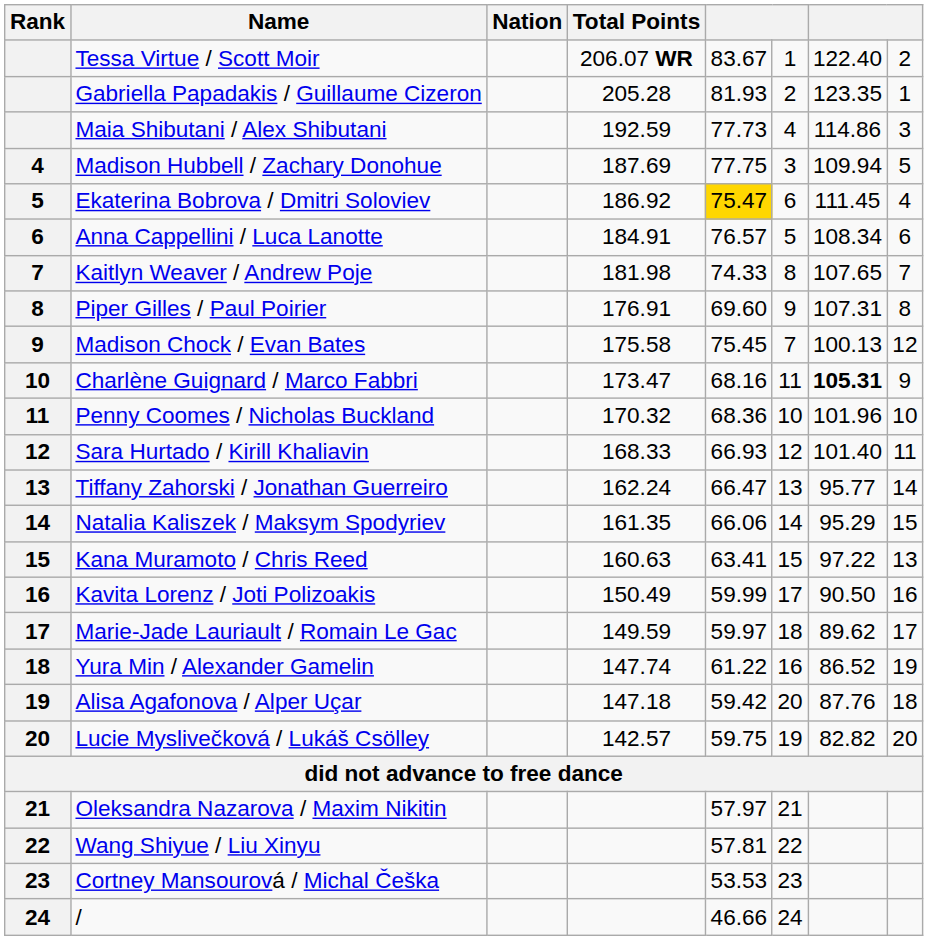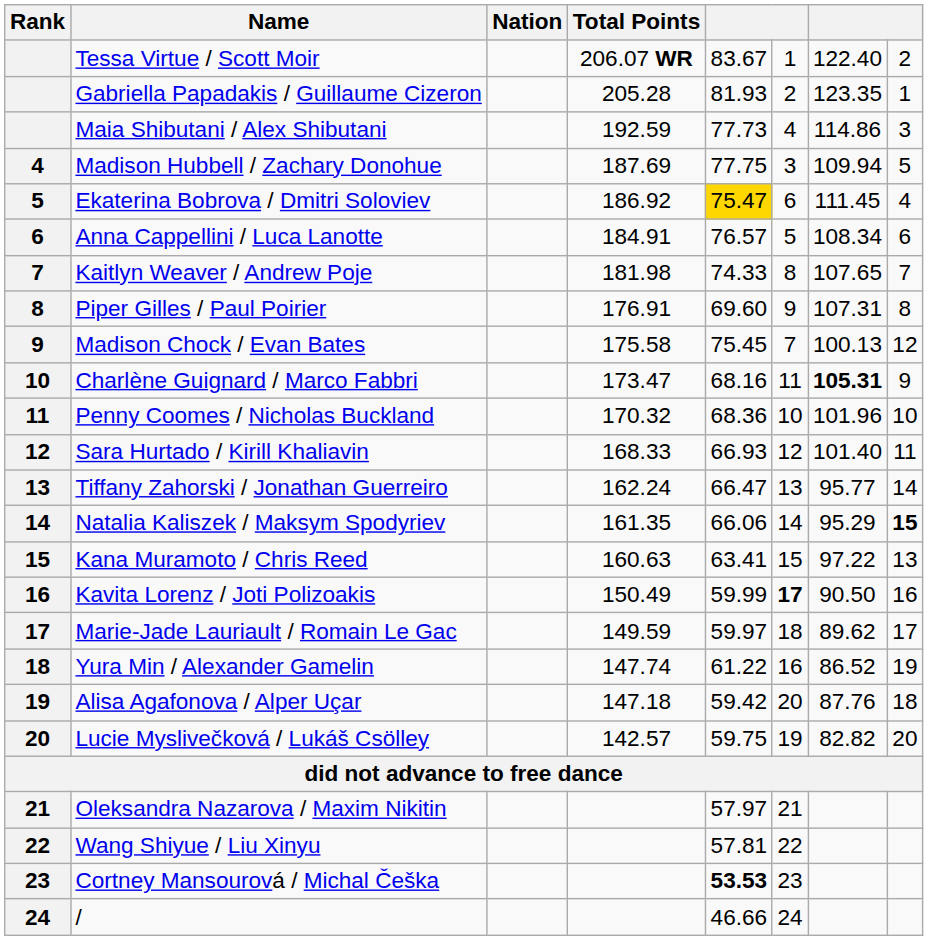 <table class="wikitable sortable" style="text-align:center">
 <tr>
 <th>Rank</th>
 <th>Name</th>
 <th>Nation</th>
 <th>Total Points</th>
 <th colspan=2></th>
 <th colspan=2></th>
 </tr>
 <tr>
 <th></th>
 <td align="left"><a href='#'>Tessa Virtue</a> / <a href='#'>Scott Moir</a></td>
 <td align="left"></td>
 <td>206.07 <strong>WR</strong></td>
 <td>83.67</td>
 <td>1</td>
 <td>122.40</td>
 <td>2</td>
 </tr>
 <tr>
 <th></th>
 <td align="left"><a href='#'>Gabriella Papadakis</a> / <a href='#'>Guillaume Cizeron</a></td>
 <td align="left"></td>
 <td>205.28</td>
 <td>81.93</td>
 <td>2</td>
 <td>123.35</td>
 <td>1</td>
 </tr>
 <tr>
 <th></th>
 <td align="left"><a href='#'>Maia Shibutani</a> / <a href='#'>Alex Shibutani</a></td>
 <td align="left"></td>
 <td>192.59</td>
 <td>77.73</td>
 <td>4</td>
 <td>114.86</td>
 <td>3</td>
 </tr>
 <tr>
 <th>4</th>
 <td align="left"><a href='#'>Madison Hubbell</a> / <a href='#'>Zachary Donohue</a></td>
 <td align="left"></td>
 <td>187.69</td>
 <td>77.75</td>
 <td>3</td>
 <td>109.94</td>
 <td>5</td>
 </tr>
 <tr>
 <th>5</th>
 <td align="left"><a href='#'>Ekaterina Bobrova</a> / <a href='#'>Dmitri Soloviev</a></td>
 <td align="left"></td>
 <td>186.92</td>
 <td style="background: gold;">75.47</td>
 <td>6</td>
 <td>111.45</td>
 <td>4</td>
 </tr>
 <tr>
 <th>6</th>
 <td align=left><a href='#'>Anna Cappellini</a> / <a href='#'>Luca Lanotte</a></td>
 <td align=left></td>
 <td>184.91</td>
 <td>76.57</td>
 <td>5</td>
 <td>108.34</td>
 <td>6</td>
 </tr>
 <tr>
 <th>7</th>
 <td align=left><a href='#'>Kaitlyn Weaver</a> / <a href='#'>Andrew Poje</a></td>
 <td align=left></td>
 <td>181.98</td>
 <td>74.33</td>
 <td>8</td>
 <td>107.65</td>
 <td>7</td>
 </tr>
 <tr>
 <th>8</th>
 <td align=left><a href='#'>Piper Gilles</a> / <a href='#'>Paul Poirier</a></td>
 <td align=left></td>
 <td>176.91</td>
 <td>69.60</td>
 <td>9</td>
 <td>107.31</td>
 <td>8</td>
 </tr>
 <tr>
 <th>9</th>
 <td align="left"><a href='#'>Madison Chock</a> / <a href='#'>Evan Bates</a></td>
 <td align="left"></td>
 <td>175.58</td>
 <td>75.45</td>
 <td>7</td>
 <td>100.13</td>
 <td>12</td>
 </tr>
 <tr>
 <th>10</th>
 <td align=left><a href='#'>Charlène Guignard</a> / <a href='#'>Marco Fabbri</a></td>
 <td align=left></td>
 <td>173.47</td>
 <td>68.16</td>
 <td>11</td>
 <td><strong>105.31</strong></td>
 <td>9</td>
 </tr>
 <tr>
 <th>11</th>
 <td align=left><a href='#'>Penny Coomes</a> / <a href='#'>Nicholas Buckland</a></td>
 <td align=left></td>
 <td>170.32</td>
 <td>68.36</td>
 <td>10</td>
 <td>101.96</td>
 <td>10</td>
 </tr>
 <tr>
 <th>12</th>
 <td align=left><a href='#'>Sara Hurtado</a> / <a href='#'>Kirill Khaliavin</a></td>
 <td align=left></td>
 <td>168.33</td>
 <td>66.93</td>
 <td>12</td>
 <td>101.40</td>
 <td>11</td>
 </tr>
 <tr>
 <th>13</th>
 <td align=left><a href='#'>Tiffany Zahorski</a> / <a href='#'>Jonathan Guerreiro</a></td>
 <td align=left></td>
 <td>162.24</td>
 <td>66.47</td>
 <td>13</td>
 <td>95.77</td>
 <td>14</td>
 </tr>
 <tr>
 <th>14</th>
 <td align=left><a href='#'>Natalia Kaliszek</a> / <a href='#'>Maksym Spodyriev</a></td>
 <td align=left></td>
 <td>161.35</td>
 <td>66.06</td>
 <td>14</td>
 <td>95.29</td>
-<td>15</td>
+<td><strong>15</strong></td>
 </tr>
 <tr>
 <th>15</th>
 <td align=left><a href='#'>Kana Muramoto</a> / <a href='#'>Chris Reed</a></td>
 <td align=left></td>
 <td>160.63</td>
 <td>63.41</td>
 <td>15</td>
 <td>97.22</td>
 <td>13</td>
 </tr>
 <tr>
 <th>16</th>
 <td align="left"><a href='#'>Kavita Lorenz</a> / <a href='#'>Joti Polizoakis</a></td>
 <td align="left"></td>
 <td>150.49</td>
 <td>59.99</td>
-<td>17</td>
+<td><strong>17</strong></td>
 <td>90.50</td>
 <td>16</td>
 </tr>
 <tr>
 <th>17</th>
 <td align="left"><a href='#'>Marie-Jade Lauriault</a> / <a href='#'>Romain Le Gac</a></td>
 <td align="left"></td>
 <td>149.59</td>
 <td>59.97</td>
 <td>18</td>
 <td>89.62</td>
 <td>17</td>
 </tr>
 <tr>
 <th>18</th>
 <td align=left><a href='#'>Yura Min</a> / <a href='#'>Alexander Gamelin</a></td>
 <td align=left></td>
 <td>147.74</td>
 <td>61.22</td>
 <td>16</td>
 <td>86.52</td>
 <td>19</td>
 </tr>
 <tr>
 <th>19</th>
 <td align="left"><a href='#'>Alisa Agafonova</a> / <a href='#'>Alper Uçar</a></td>
 <td align="left"></td>
 <td>147.18</td>
 <td>59.42</td>
 <td>20</td>
 <td>87.76</td>
 <td>18</td>
 </tr>
 <tr>
 <th>20</th>
 <td align="left"><a href='#'>Lucie Myslivečková</a> / <a href='#'>Lukáš Csölley</a></td>
 <td align="left"></td>
 <td>142.57</td>
 <td>59.75</td>
 <td>19</td>
 <td>82.82</td>
 <td>20</td>
 </tr>
 <tr>
 <th colspan=8>did not advance to free dance</th>
 </tr>
 <tr>
 <th>21</th>
 <td align=left><a href='#'>Oleksandra Nazarova</a> / <a href='#'>Maxim Nikitin</a></td>
 <td align=left></td>
 <td></td>
 <td>57.97</td>
 <td>21</td>
 <td></td>
 <td></td>
 </tr>
 <tr>
 <th>22</th>
 <td align=left><a href='#'>Wang Shiyue</a> / <a href='#'>Liu Xinyu</a></td>
 <td align=left></td>
 <td></td>
 <td>57.81</td>
 <td>22</td>
 <td></td>
 <td></td>
 </tr>
 <tr>
 <th>23</th>
 <td align=left><a href='#'>Cortney Mansourov</a>á / <a href='#'>Michal Češka</a></td>
 <td align=left></td>
 <td></td>
-<td>53.53</td>
+<td><strong>53.53</strong></td>
 <td>23</td>
 <td></td>
 <td></td>
 </tr>
 <tr>
 <th>24</th>
 <td align=left> / </td>
 <td align=left></td>
 <td></td>
 <td>46.66</td>
 <td>24</td>
 <td></td>
 <td></td>
 </tr>
 </table>
